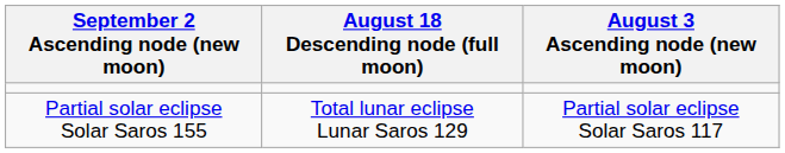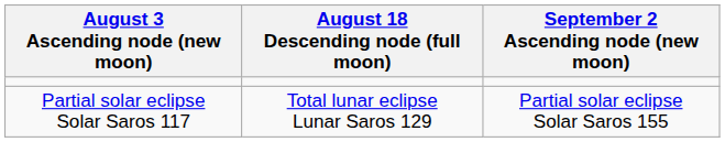 <table class="wikitable">
 <tr>
+<th><a href='#'>August 3</a><br>Ascending node (new moon)<br></th>
+<th><a href='#'>August 18</a><br>Descending node (full moon)<br></th>
 <th><a href='#'>September 2</a><br>Ascending node (new moon)<br></th>
-<th><a href='#'>August 18</a><br>Descending node (full moon)<br></th>
-<th><a href='#'>August 3</a><br>Ascending node (new moon)<br></th>
 </tr>
 <tr>
 <td></td>
 <td></td>
 <td></td>
 </tr>
 <tr align=center>
+<td><a href='#'>Partial solar eclipse</a><br>Solar Saros 117</td>
+<td><a href='#'>Total lunar eclipse</a><br>Lunar Saros 129</td>
 <td><a href='#'>Partial solar eclipse</a><br>Solar Saros 155</td>
-<td><a href='#'>Total lunar eclipse</a><br>Lunar Saros 129</td>
-<td><a href='#'>Partial solar eclipse</a><br>Solar Saros 117</td>
 </tr>
 </table>
